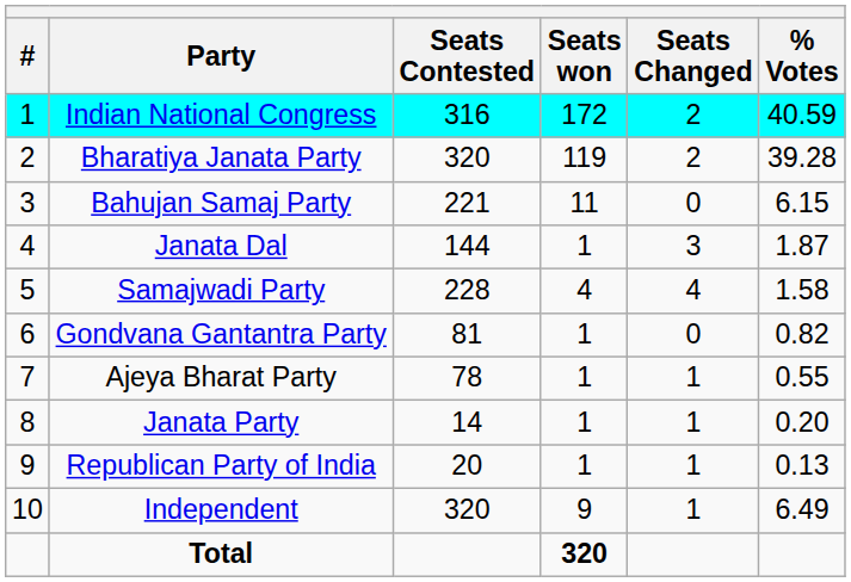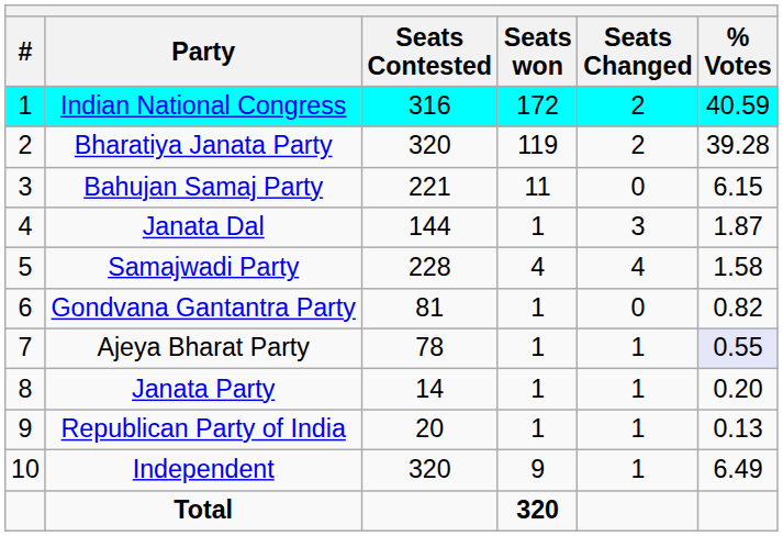 <table class="wikitable sortable" style="text-align:center;">
 <tr>
 <th colspan=10></th>
 </tr>
 <tr>
 <th>#</th>
 <th>Party</th>
 <th>Seats<br>Contested</th>
 <th>Seats<br>won</th>
 <th>Seats<br> Changed</th>
 <th>%<br>Votes</th>
 </tr>
 <tr style="background: cyan;">
 <td>1</td>
 <td><a href='#'>Indian National Congress</a></td>
 <td>316</td>
 <td>172</td>
 <td> 2</td>
 <td>40.59</td>
 </tr>
 <tr>
 <td>2</td>
 <td><a href='#'>Bharatiya Janata Party</a></td>
 <td>320</td>
 <td>119</td>
 <td> 2</td>
 <td>39.28</td>
 </tr>
 <tr>
 <td>3</td>
 <td><a href='#'>Bahujan Samaj Party</a></td>
 <td>221</td>
 <td>11</td>
 <td>0</td>
 <td>6.15</td>
 </tr>
 <tr>
 <td>4</td>
 <td><a href='#'>Janata Dal</a></td>
 <td>144</td>
 <td>1</td>
 <td> 3</td>
 <td>1.87</td>
 </tr>
 <tr>
 <td>5</td>
 <td><a href='#'>Samajwadi Party</a></td>
 <td>228</td>
 <td>4</td>
 <td> 4</td>
 <td>1.58</td>
 </tr>
 <tr>
 <td>6</td>
 <td><a href='#'>Gondvana Gantantra Party</a></td>
 <td>81</td>
 <td>1</td>
 <td>0</td>
 <td>0.82</td>
 </tr>
 <tr>
 <td>7</td>
 <td>Ajeya Bharat Party</td>
 <td>78</td>
 <td>1</td>
 <td> 1</td>
-<td>0.55</td>
+<td style="background: lavender;">0.55</td>
 </tr>
 <tr>
 <td>8</td>
 <td><a href='#'>Janata Party</a></td>
 <td>14</td>
 <td>1</td>
 <td> 1</td>
 <td>0.20</td>
 </tr>
 <tr>
 <td>9</td>
 <td><a href='#'>Republican Party of India</a></td>
 <td>20</td>
 <td>1</td>
 <td> 1</td>
 <td>0.13</td>
 </tr>
 <tr>
 <td>10</td>
 <td><a href='#'>Independent</a></td>
 <td>320</td>
 <td>9</td>
 <td> 1</td>
 <td>6.49</td>
 </tr>
 <tr>
 <td></td>
 <td><strong>Total</strong></td>
 <td></td>
 <td><strong>320</strong></td>
 <td></td>
 <td></td>
 </tr>
 </table>
